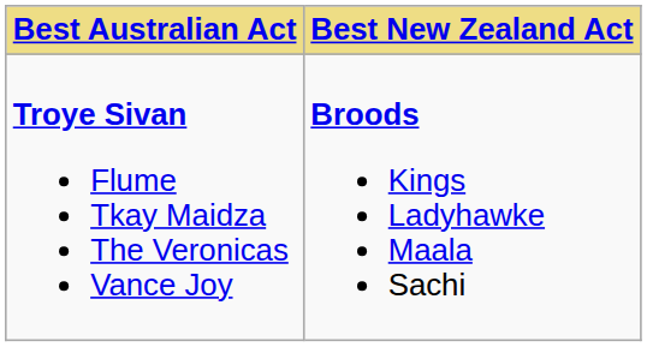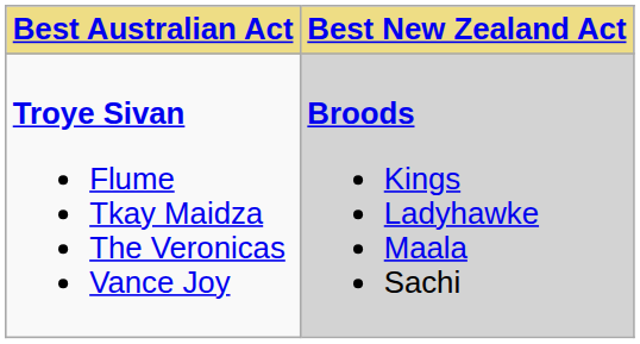 <table class=wikitable style="width=100%">
 <tr>
 <th style="background:#EEDD85; width=50%"><a href='#'>Best Australian Act</a></th>
 <th style="background:#EEDD85; width=50%"><a href='#'>Best New Zealand Act</a></th>
 </tr>
 <tr>
 <td valign="top"><br><strong><a href='#'>Troye Sivan</a></strong><ul><li><a href='#'>Flume</a></li><li><a href='#'>Tkay Maidza</a></li><li><a href='#'>The Veronicas</a></li><li><a href='#'>Vance Joy</a></li></ul></td>
-<td valign="top"><br><strong><a href='#'>Broods</a></strong><ul><li><a href='#'>Kings</a></li><li><a href='#'>Ladyhawke</a></li><li><a href='#'>Maala</a></li><li>Sachi</li></ul></td>
+<td valign="top" style="background: lightgrey;"><br><strong><a href='#'>Broods</a></strong><ul><li><a href='#'>Kings</a></li><li><a href='#'>Ladyhawke</a></li><li><a href='#'>Maala</a></li><li>Sachi</li></ul></td>
 </tr>
 </table>
